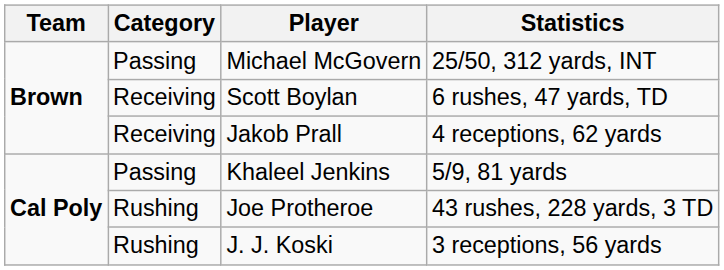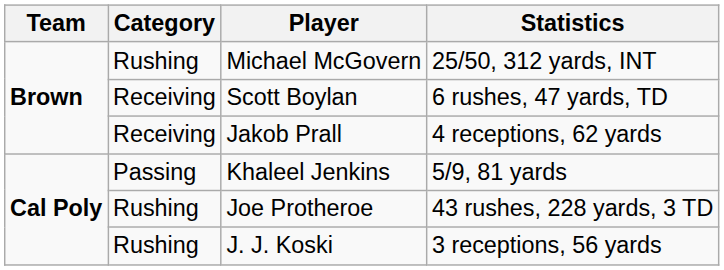 <table class="wikitable" style="float: left;">
 <tr>
 <th>Team</th>
 <th>Category</th>
 <th>Player</th>
 <th>Statistics</th>
 </tr>
 <tr>
 <td rowspan=3><strong>Brown</strong></td>
-<td>Passing</td>
+<td>Rushing</td>
 <td>Michael McGovern</td>
 <td>25/50, 312 yards, INT</td>
 </tr>
 <tr>
 <td>Receiving</td>
 <td>Scott Boylan</td>
 <td>6 rushes, 47 yards, TD</td>
 </tr>
 <tr>
 <td>Receiving</td>
 <td>Jakob Prall</td>
 <td>4 receptions, 62 yards</td>
 </tr>
 <tr>
 <td rowspan=3><strong>Cal Poly</strong></td>
 <td>Passing</td>
 <td>Khaleel Jenkins</td>
 <td>5/9, 81 yards</td>
 </tr>
 <tr>
 <td>Rushing</td>
 <td>Joe Protheroe</td>
 <td>43 rushes, 228 yards, 3 TD</td>
 </tr>
 <tr>
 <td>Rushing</td>
 <td>J. J. Koski</td>
 <td>3 receptions, 56 yards</td>
 </tr>
 </table>
